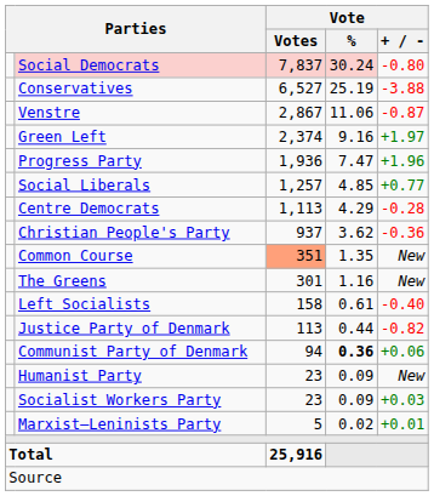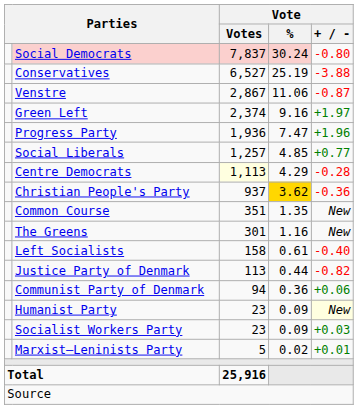 <table class="wikitable" style="text-align:right;">
 <tr>
 <th style="text-align:centre;" rowspan="2" colspan="2" width="225">Parties</th>
 <th colspan="3">Vote</th>
 </tr>
 <tr>
 <th width="15">Votes</th>
 <th width="15">%</th>
 <th width="15">+ / -</th>
 </tr>
 <tr>
 <td width="2" style="color:inherit;background:"></td>
 <td bgcolor=#fbd0ce  align="left"><a href='#'>Social Democrats</a></td>
 <td bgcolor=#fbd0ce>7,837</td>
 <td bgcolor=#fbd0ce>30.24</td>
 <td style=color:red;>-0.80</td>
 </tr>
 <tr>
 <td width="2" style="color:inherit;background:"></td>
 <td align="left"><a href='#'>Conservatives</a></td>
 <td>6,527</td>
 <td>25.19</td>
 <td style=color:red;>-3.88</td>
 </tr>
 <tr>
 <td width="2" style="color:inherit;background:"></td>
 <td align="left"><a href='#'>Venstre</a></td>
 <td>2,867</td>
 <td>11.06</td>
 <td style=color:red;>-0.87</td>
 </tr>
 <tr>
 <td width="2" style="color:inherit;background:"></td>
 <td align="left"><a href='#'>Green Left</a></td>
 <td>2,374</td>
 <td>9.16</td>
 <td style=color:green;>+1.97</td>
 </tr>
 <tr>
 <td width="2" style="color:inherit;background:"></td>
 <td align="left"><a href='#'>Progress Party</a></td>
 <td>1,936</td>
 <td>7.47</td>
 <td style=color:green;>+1.96</td>
 </tr>
 <tr>
 <td width="2" style="color:inherit;background:"></td>
 <td align="left"><a href='#'>Social Liberals</a></td>
 <td>1,257</td>
 <td>4.85</td>
 <td style=color:green;>+0.77</td>
 </tr>
 <tr>
 <td width="2" style="color:inherit;background:"></td>
 <td align="left"><a href='#'>Centre Democrats</a></td>
-<td>1,113</td>
+<td style="background: lightyellow;">1,113</td>
 <td>4.29</td>
 <td style=color:red;>-0.28</td>
 </tr>
 <tr>
 <td width="2" style="color:inherit;background:"></td>
 <td align="left"><a href='#'>Christian People's Party</a></td>
 <td>937</td>
-<td>3.62</td>
+<td style="background: gold;">3.62</td>
 <td style=color:red;>-0.36</td>
 </tr>
 <tr>
 <td width="2" style="color:inherit;background:"></td>
 <td align="left"><a href='#'>Common Course</a></td>
-<td style="background: lightsalmon;">351</td>
+<td>351</td>
 <td>1.35</td>
 <td><em>New</em></td>
 </tr>
 <tr>
 <td width="2" style="color:inherit;background:"></td>
 <td align="left"><a href='#'>The Greens</a></td>
 <td>301</td>
 <td>1.16</td>
 <td><em>New</em></td>
 </tr>
 <tr>
 <td width="2" style="color:inherit;background:"></td>
 <td align="left"><a href='#'>Left Socialists</a></td>
 <td>158</td>
 <td>0.61</td>
 <td style=color:red;>-0.40</td>
 </tr>
 <tr>
 <td width="2" style="color:inherit;background:"></td>
 <td align="left"><a href='#'>Justice Party of Denmark</a></td>
 <td>113</td>
 <td>0.44</td>
 <td style=color:red;>-0.82</td>
 </tr>
 <tr>
 <td width="2" style="color:inherit;background:"></td>
 <td align="left"><a href='#'>Communist Party of Denmark</a></td>
 <td>94</td>
-<td><strong>0.36</strong></td>
+<td>0.36</td>
 <td style=color:green;>+0.06</td>
 </tr>
 <tr>
 <td width="2" style="color:inherit;background:"></td>
 <td align="left"><a href='#'>Humanist Party</a></td>
 <td>23</td>
 <td>0.09</td>
-<td><em>New</em></td>
+<td style="background: lightyellow;"><em>New</em></td>
 </tr>
 <tr>
 <td width="2" style="color:inherit;background:"></td>
 <td align="left"><a href='#'>Socialist Workers Party</a></td>
 <td>23</td>
 <td>0.09</td>
 <td style=color:green;>+0.03</td>
 </tr>
 <tr>
 <td width="2" style="color:inherit;background:"></td>
 <td align="left"><a href='#'>Marxist–Leninists Party</a></td>
 <td>5</td>
 <td>0.02</td>
 <td style=color:green;>+0.01</td>
 </tr>
 <tr>
 <td colspan="7" bgcolor="#E9E9E9"></td>
 </tr>
 <tr>
 <td align="left" colspan="2"><strong>Total</strong></td>
 <td><strong>25,916</strong></td>
 <td bgcolor="#E9E9E9" colspan="2"></td>
 </tr>
 <tr>
 <td align="left" colspan="6">Source</td>
 </tr>
 </table>
